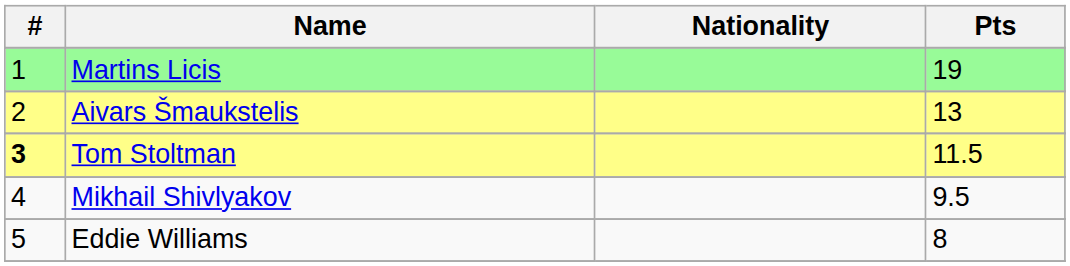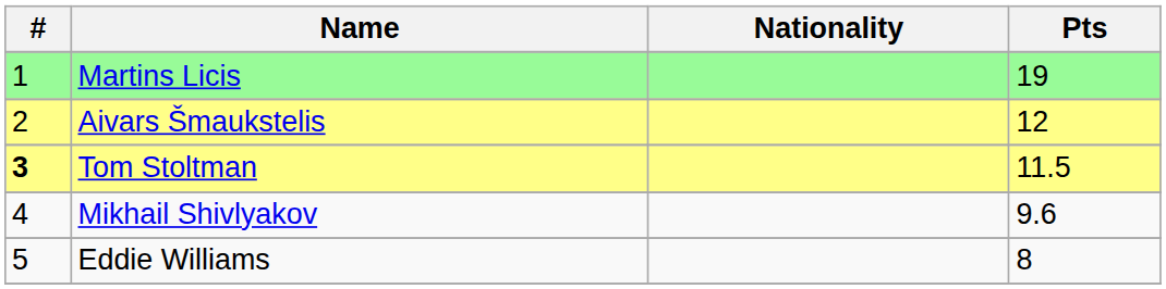 <table class="wikitable" style="display: inline-table; width: 50%;">
 <tr>
 <th>#</th>
 <th>Name</th>
 <th>Nationality</th>
 <th>Pts</th>
 </tr>
 <tr>
 </tr>
 <tr style="background:palegreen">
 <td>1</td>
 <td><a href='#'>Martins Licis</a></td>
 <td></td>
 <td>19</td>
 </tr>
 <tr>
 </tr>
 <tr style="background:#ff8">
 <td>2</td>
 <td><a href='#'>Aivars Šmaukstelis</a></td>
 <td></td>
-<td>13</td>
+<td>12</td>
 </tr>
 <tr>
 </tr>
 <tr style="background:#ff8">
 <td><strong>3</strong></td>
 <td><a href='#'>Tom Stoltman</a></td>
 <td></td>
 <td>11.5</td>
 </tr>
 <tr>
 </tr>
 <tr>
 <td>4</td>
 <td><a href='#'>Mikhail Shivlyakov</a></td>
 <td></td>
-<td>9.5</td>
+<td>9.6</td>
 </tr>
 <tr>
 </tr>
 <tr>
 <td>5</td>
 <td>Eddie Williams</td>
 <td></td>
 <td>8</td>
 </tr>
 <tr>
 </tr>
 </table>
